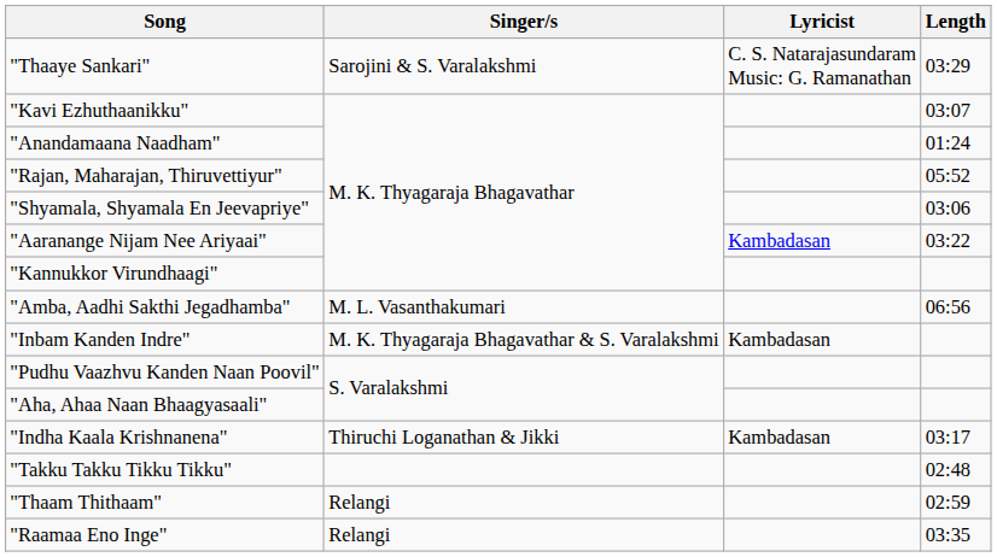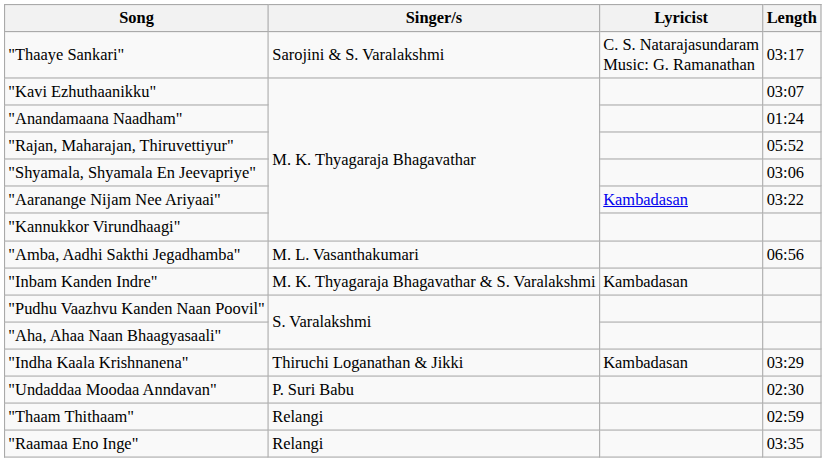 <table class="wikitable" style="— collapse:collapse; font-size:95%;">
 <tr style="background:#cccccf; text-align:center;">
 <th>Song</th>
 <th>Singer/s</th>
 <th>Lyricist</th>
 <th>Length</th>
 </tr>
 <tr>
 <td>"Thaaye Sankari"</td>
 <td>Sarojini & S. Varalakshmi</td>
 <td>C. S. Natarajasundaram<br>Music: G. Ramanathan</td>
-<td>03:29</td>
+<td>03:17</td>
 </tr>
 <tr>
 <td>"Kavi Ezhuthaanikku"</td>
 <td rowspan=6>M. K. Thyagaraja Bhagavathar</td>
 <td></td>
 <td>03:07</td>
 </tr>
 <tr>
 <td>"Anandamaana Naadham"</td>
 <td></td>
 <td>01:24</td>
 </tr>
 <tr>
 <td>"Rajan, Maharajan, Thiruvettiyur"</td>
 <td></td>
 <td>05:52</td>
 </tr>
 <tr>
 <td>"Shyamala, Shyamala En Jeevapriye"</td>
 <td></td>
 <td>03:06</td>
 </tr>
 <tr>
 <td>"Aaranange Nijam Nee Ariyaai"</td>
 <td><a href='#'>Kambadasan</a></td>
 <td>03:22</td>
 </tr>
 <tr>
 <td>"Kannukkor Virundhaagi"</td>
 <td></td>
 <td></td>
 </tr>
 <tr>
 <td>"Amba, Aadhi Sakthi Jegadhamba"</td>
 <td>M. L. Vasanthakumari</td>
 <td></td>
 <td>06:56</td>
 </tr>
 <tr>
 <td>"Inbam Kanden Indre"</td>
 <td>M. K. Thyagaraja Bhagavathar & S. Varalakshmi</td>
 <td>Kambadasan</td>
 <td></td>
 </tr>
 <tr>
 <td>"Pudhu Vaazhvu Kanden Naan Poovil"</td>
 <td rowspan=2>S. Varalakshmi</td>
 <td></td>
 <td></td>
 </tr>
 <tr>
 <td>"Aha, Ahaa Naan Bhaagyasaali"</td>
 <td></td>
 <td></td>
 </tr>
 <tr>
 <td>"Indha Kaala Krishnanena"</td>
 <td>Thiruchi Loganathan & Jikki</td>
 <td>Kambadasan</td>
-<td>03:17</td>
+<td>03:29</td>
 </tr>
 <tr>
-<td>"Takku Takku Tikku Tikku"</td>
+<td>"Undaddaa Moodaa Anndavan"</td>
+<td>P. Suri Babu</td>
 <td></td>
-<td></td>
-<td>02:48</td>
+<td>02:30</td>
 </tr>
 <tr>
 <td>"Thaam Thithaam"</td>
 <td>Relangi</td>
 <td></td>
 <td>02:59</td>
 </tr>
 <tr>
 <td>"Raamaa Eno Inge"</td>
 <td>Relangi</td>
 <td></td>
 <td>03:35</td>
 </tr>
 </table>
